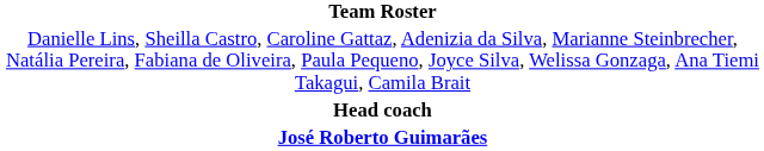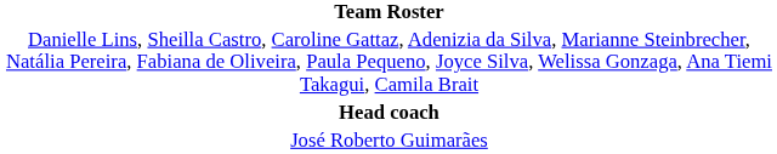 <table style="text-align:center;margin-top:2em;margin-left:auto;margin-right:auto">
 <tr>
 <td><strong>Team Roster</strong></td>
 </tr>
 <tr>
 <td><a href='#'>Danielle Lins</a>, <a href='#'>Sheilla Castro</a>, <a href='#'>Caroline Gattaz</a>, <a href='#'>Adenizia da Silva</a>, <a href='#'>Marianne Steinbrecher</a>, <a href='#'>Natália Pereira</a>, <a href='#'>Fabiana de Oliveira</a>, <a href='#'>Paula Pequeno</a>, <a href='#'>Joyce Silva</a>, <a href='#'>Welissa Gonzaga</a>, <a href='#'>Ana Tiemi Takagui</a>, <a href='#'>Camila Brait</a></td>
 </tr>
 <tr>
 <td><strong>Head coach</strong></td>
 </tr>
 <tr>
-<td><strong><a href='#'>José Roberto Guimarães</a></strong></td>
+<td><a href='#'>José Roberto Guimarães</a></td>
 </tr>
 </table>
